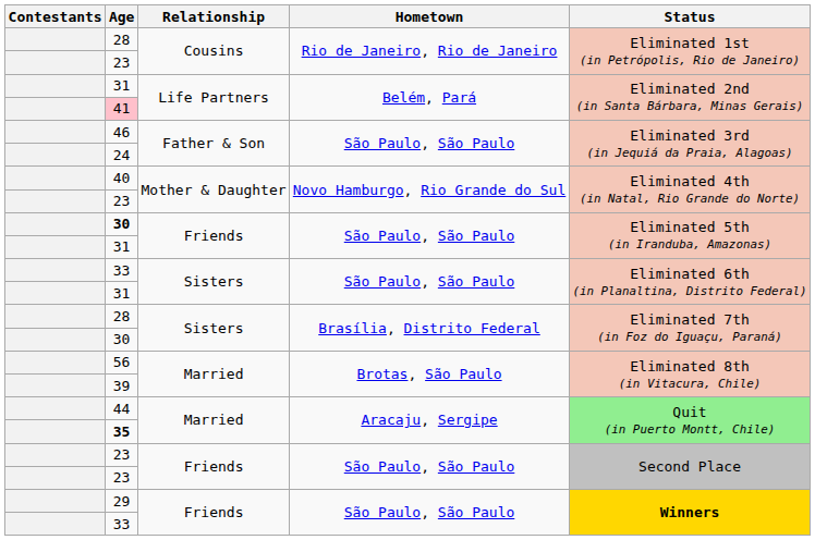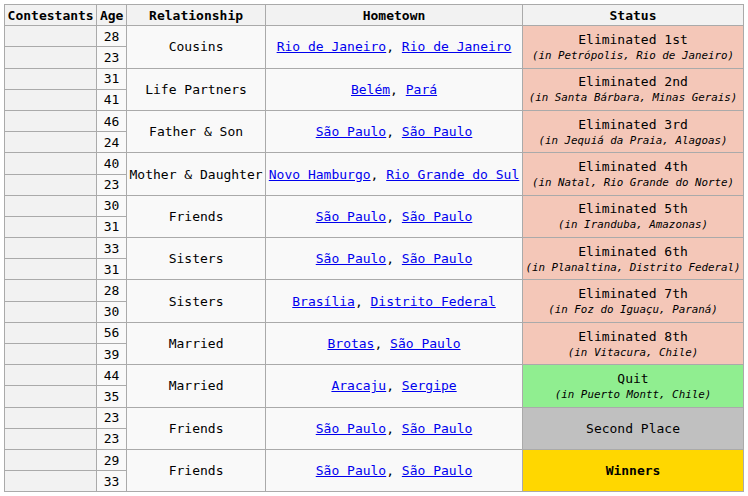 <table class="wikitable sortable" style="text-align:center;">
 <tr>
 <th scope="col">Contestants</th>
 <th scope="col">Age</th>
 <th class="unsortable" scope="col">Relationship</th>
 <th scope="col" class="unsortable">Hometown</th>
 <th scope="col">Status</th>
 </tr>
 <tr>
 <th scope="row"></th>
 <td>28</td>
 <td rowspan="2">Cousins</td>
 <td rowspan="2"><a href='#'>Rio de Janeiro</a>, <a href='#'>Rio de Janeiro</a></td>
 <td rowspan="2" bgcolor="f4c7b8">Eliminated 1st<br><small><em>(in Petrópolis, Rio de Janeiro)</em></small></td>
 </tr>
 <tr>
 <th scope="row"></th>
 <td>23</td>
 </tr>
 <tr>
 <th scope="row"></th>
 <td>31</td>
 <td rowspan="2">Life Partners</td>
 <td rowspan="2"><a href='#'>Belém</a>, <a href='#'>Pará</a></td>
 <td rowspan="2" bgcolor="f4c7b8">Eliminated 2nd<br><small><em>(in Santa Bárbara, Minas Gerais)</em></small></td>
 </tr>
 <tr>
 <th scope="row"></th>
-<td style="background: pink;">41</td>
+<td>41</td>
 </tr>
 <tr>
 <th scope="row"></th>
 <td>46</td>
 <td rowspan="2">Father & Son</td>
 <td rowspan="2"><a href='#'>São Paulo</a>, <a href='#'>São Paulo</a></td>
 <td rowspan="2" bgcolor="f4c7b8">Eliminated 3rd<br><small><em>(in Jequiá da Praia, Alagoas)</em></small></td>
 </tr>
 <tr>
 <th scope="row"></th>
 <td>24</td>
 </tr>
 <tr>
 <th scope="row"></th>
 <td>40</td>
 <td rowspan="2">Mother & Daughter</td>
 <td rowspan="2"><a href='#'>Novo Hamburgo</a>, <a href='#'>Rio Grande do Sul</a></td>
 <td rowspan="2" bgcolor="f4c7b8">Eliminated 4th<br><small><em>(in Natal, Rio Grande do Norte)</em></small></td>
 </tr>
 <tr>
 <th scope="row"></th>
 <td>23</td>
 </tr>
 <tr>
 <th scope="row"></th>
-<td><strong>30</strong></td>
+<td>30</td>
 <td rowspan="2">Friends</td>
 <td rowspan="2"><a href='#'>São Paulo</a>, <a href='#'>São Paulo</a></td>
 <td rowspan="2" bgcolor="f4c7b8">Eliminated 5th<br><small><em>(in Iranduba, Amazonas)</em></small></td>
 </tr>
 <tr>
 <th scope="row"></th>
 <td>31</td>
 </tr>
 <tr>
 <th scope="row"></th>
 <td>33</td>
 <td rowspan="2">Sisters</td>
 <td rowspan="2"><a href='#'>São Paulo</a>, <a href='#'>São Paulo</a></td>
 <td rowspan="2" bgcolor="f4c7b8">Eliminated 6th<br><small><em>(in Planaltina, Distrito Federal)</em></small></td>
 </tr>
 <tr>
 <th scope="row"></th>
 <td>31</td>
 </tr>
 <tr>
 <th scope="row"></th>
 <td>28</td>
 <td rowspan="2">Sisters</td>
 <td rowspan="2"><a href='#'>Brasília</a>, <a href='#'>Distrito Federal</a></td>
 <td rowspan="2" bgcolor="f4c7b8">Eliminated 7th<br><small><em>(in Foz do Iguaçu, Paraná)</em></small></td>
 </tr>
 <tr>
 <th scope="row"></th>
 <td>30</td>
 </tr>
 <tr>
 <th scope="row"></th>
 <td>56</td>
 <td rowspan="2">Married</td>
 <td rowspan="2"><a href='#'>Brotas</a>, <a href='#'>São Paulo</a></td>
 <td rowspan="2" bgcolor="f4c7b8">Eliminated 8th<br><small><em>(in Vitacura, Chile)</em></small></td>
 </tr>
 <tr>
 <th scope="row"></th>
 <td>39</td>
 </tr>
 <tr>
 <th scope="row"></th>
 <td>44</td>
 <td rowspan="2">Married</td>
 <td rowspan="2"><a href='#'>Aracaju</a>, <a href='#'>Sergipe</a></td>
 <td rowspan="2" bgcolor="lightgreen">Quit<br><small><em>(in Puerto Montt, Chile)</em></small></td>
 </tr>
 <tr>
 <th scope="row"></th>
-<td><strong>35</strong></td>
+<td>35</td>
 </tr>
 <tr>
 <th scope="row"></th>
 <td>23</td>
 <td rowspan="2">Friends</td>
 <td rowspan="2"><a href='#'>São Paulo</a>, <a href='#'>São Paulo</a></td>
 <td rowspan="2" bgcolor="silver">Second Place</td>
 </tr>
 <tr>
 <th scope="row"></th>
 <td>23</td>
 </tr>
 <tr>
 <th scope="row"></th>
 <td>29</td>
 <td rowspan="2">Friends</td>
 <td rowspan="2"><a href='#'>São Paulo</a>, <a href='#'>São Paulo</a></td>
 <td rowspan="2" bgcolor="gold"><strong>Winners</strong></td>
 </tr>
 <tr>
 <th scope="row"></th>
 <td>33</td>
 </tr>
 </table>
